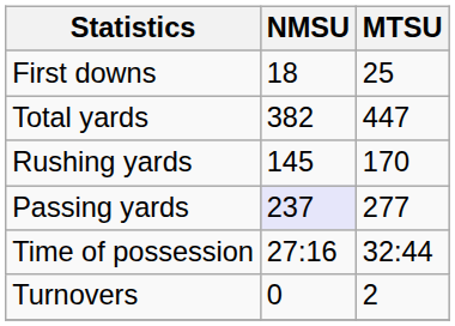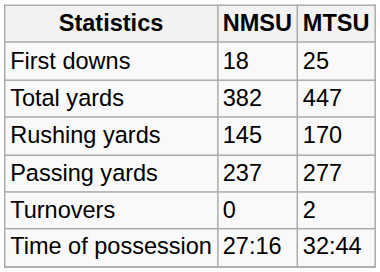 <table class="wikitable" style="float: left;">
 <tr>
 <th>Statistics</th>
 <th>NMSU</th>
 <th>MTSU</th>
 </tr>
 <tr>
 <td>First downs</td>
 <td>18</td>
 <td>25</td>
 </tr>
 <tr>
 <td>Total yards</td>
 <td>382</td>
 <td>447</td>
 </tr>
 <tr>
 <td>Rushing yards</td>
 <td>145</td>
 <td>170</td>
 </tr>
 <tr>
 <td>Passing yards</td>
-<td style="background: lavender;">237</td>
+<td>237</td>
 <td>277</td>
+</tr>
+<tr>
+<td>Turnovers</td>
+<td>0</td>
+<td>2</td>
 </tr>
 <tr>
 <td>Time of possession</td>
 <td>27:16</td>
 <td>32:44</td>
 </tr>
 <tr>
-<td>Turnovers</td>
-<td>0</td>
-<td>2</td>
-</tr>
-<tr>
 </tr>
 </table>
